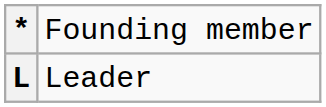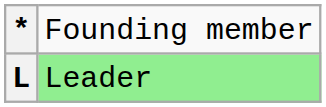 <table class="wikitable">
 <tr>
 <th>*</th>
 <td>Founding member</td>
 </tr>
 <tr>
 <th>L</th>
-<td>Leader</td>
+<td style="background: lightgreen;">Leader</td>
 </tr>
 </table>
